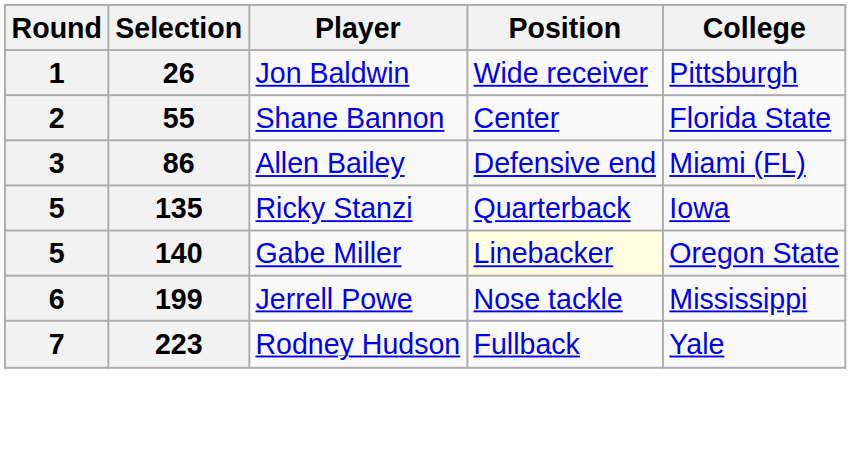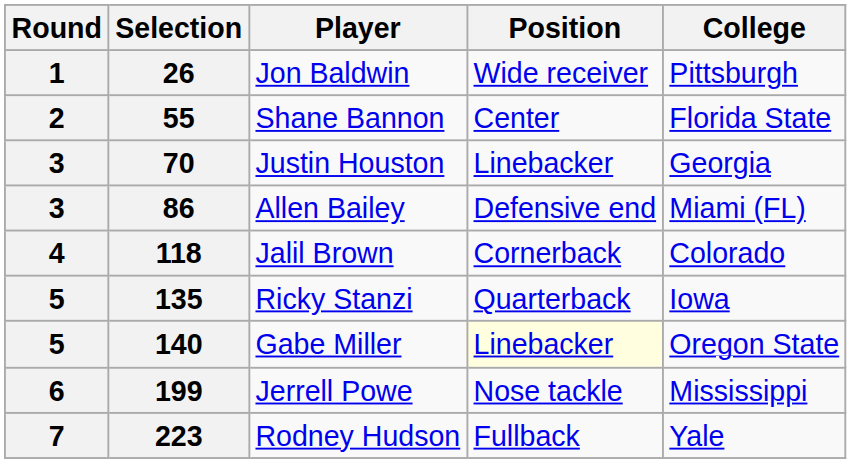 <table class="wikitable" style="font-size: 95%;">
 <tr>
 <th>Round</th>
 <th>Selection</th>
 <th>Player</th>
 <th>Position</th>
 <th>College</th>
 </tr>
 <tr>
 <th>1 </th>
 <th>26 </th>
 <td><a href='#'>Jon Baldwin</a></td>
 <td><a href='#'>Wide receiver</a></td>
 <td><a href='#'>Pittsburgh</a></td>
 </tr>
 <tr>
 <th>2</th>
 <th>55</th>
 <td><a href='#'>Shane Bannon</a></td>
 <td><a href='#'>Center</a></td>
 <td><a href='#'>Florida State</a></td>
 </tr>
 <tr>
 <th>3</th>
+<th>70 </th>
+<td><a href='#'>Justin Houston</a></td>
+<td><a href='#'>Linebacker</a></td>
+<td><a href='#'>Georgia</a></td>
+</tr>
+<tr>
+<th>3</th>
 <th>86</th>
 <td><a href='#'>Allen Bailey</a></td>
 <td><a href='#'>Defensive end</a></td>
 <td><a href='#'>Miami (FL)</a></td>
+</tr>
+<tr>
+<th>4</th>
+<th>118</th>
+<td><a href='#'>Jalil Brown</a></td>
+<td><a href='#'>Cornerback</a></td>
+<td><a href='#'>Colorado</a></td>
 </tr>
 <tr>
 <th>5</th>
 <th>135 </th>
 <td><a href='#'>Ricky Stanzi</a></td>
 <td><a href='#'>Quarterback</a></td>
 <td><a href='#'>Iowa</a></td>
 </tr>
 <tr>
 <th>5</th>
 <th>140 </th>
 <td><a href='#'>Gabe Miller</a></td>
 <td style="background: lightyellow;"><a href='#'>Linebacker</a></td>
 <td><a href='#'>Oregon State</a></td>
 </tr>
 <tr>
 <th>6 </th>
 <th>199 </th>
 <td><a href='#'>Jerrell Powe</a></td>
 <td><a href='#'>Nose tackle</a></td>
 <td><a href='#'>Mississippi</a></td>
 </tr>
 <tr>
 <th>7</th>
 <th>223</th>
 <td><a href='#'>Rodney Hudson</a></td>
 <td><a href='#'>Fullback</a></td>
 <td><a href='#'>Yale</a></td>
 </tr>
 </table>
